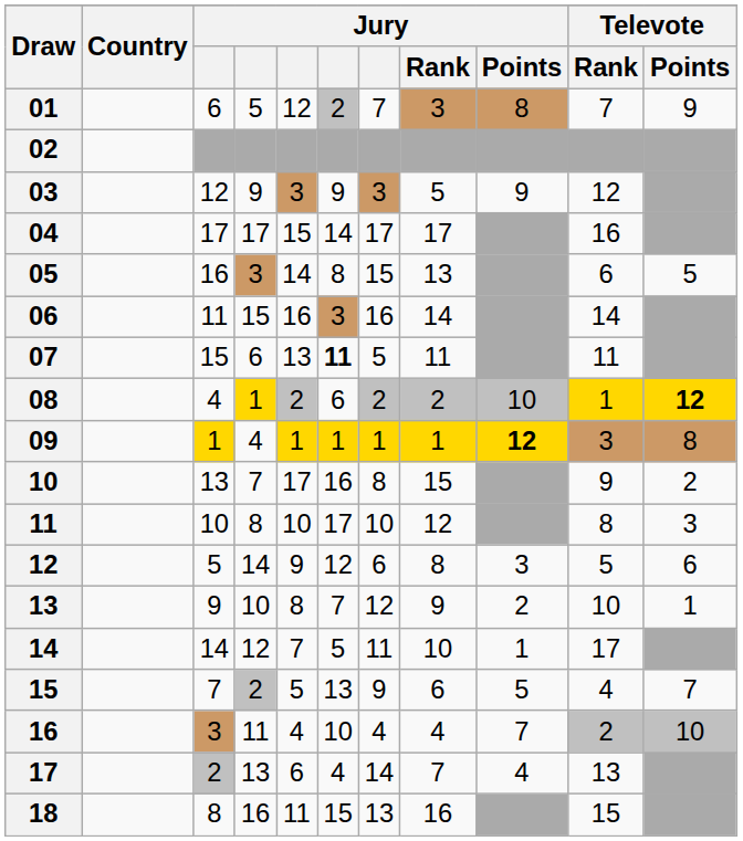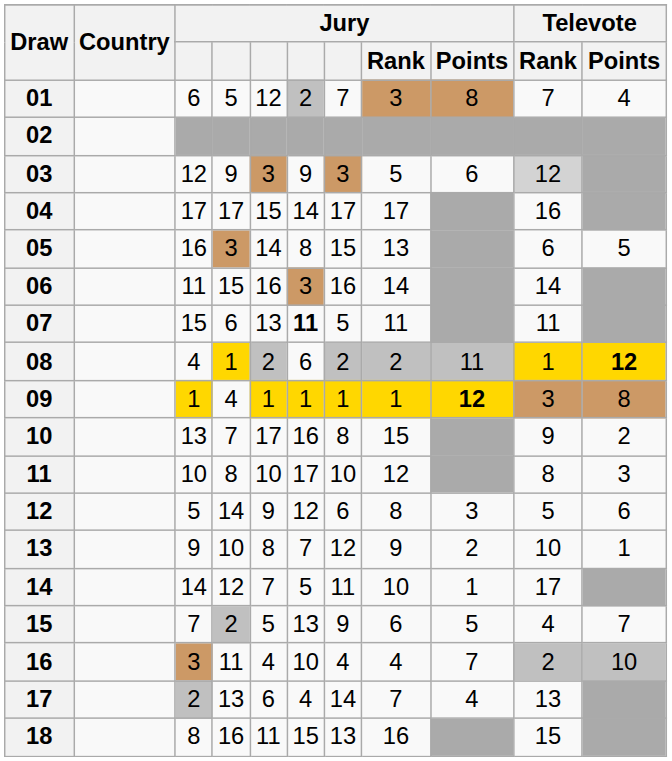 <table class="sortable wikitable collapsible plainrowheaders" style="text-align:center;">
 <tr>
 </tr>
 <tr>
 <th scope="col" rowspan="2">Draw</th>
 <th scope="col" rowspan="2">Country</th>
 <th scope="col" colspan="7">Jury</th>
 <th scope="col" colspan="2">Televote</th>
 </tr>
 <tr>
 <th scope="col"><small></small></th>
 <th scope="col"><small></small></th>
 <th scope="col"><small></small></th>
 <th scope="col"><small></small></th>
 <th scope="col"><small></small></th>
 <th scope="col">Rank</th>
 <th scope="col">Points</th>
 <th scope="col">Rank</th>
 <th scope="col">Points</th>
 </tr>
 <tr>
 <th scope="row" style="text-align:center;">01</th>
 <td style="text-align:left;"></td>
 <td>6</td>
 <td>5</td>
 <td>12</td>
 <td style="background:silver;">2</td>
 <td>7</td>
 <td style="background:#CC9966;">3</td>
 <td style="background:#CC9966;">8</td>
 <td>7</td>
-<td>9</td>
+<td>4</td>
 </tr>
 <tr class="sortbottom">
 <th scope="row" style="text-align:center;">02</th>
 <td style="text-align:left;"></td>
 <td style="background:#AAAAAA;"></td>
 <td style="background:#AAAAAA;"></td>
 <td style="background:#AAAAAA;"></td>
 <td style="background:#AAAAAA;"></td>
 <td style="background:#AAAAAA;"></td>
 <td style="background:#AAAAAA;"></td>
 <td style="background:#AAAAAA;"></td>
 <td style="background:#AAAAAA;"></td>
 <td style="background:#AAAAAA;"></td>
 </tr>
 <tr>
 <th scope="row" style="text-align:center;">03</th>
 <td style="text-align:left;"></td>
 <td>12</td>
 <td>9</td>
 <td style="background:#CC9966;">3</td>
 <td>9</td>
 <td style="background:#CC9966;">3</td>
 <td>5</td>
-<td>9</td>
-<td>12</td>
+<td>6</td>
+<td style="background: lightgrey;">12</td>
 <td style="background:#AAAAAA;"></td>
 </tr>
 <tr>
 <th scope="row" style="text-align:center;">04</th>
 <td style="text-align:left;"></td>
 <td>17</td>
 <td>17</td>
 <td>15</td>
 <td>14</td>
 <td>17</td>
 <td>17</td>
 <td style="background:#AAAAAA;"></td>
 <td>16</td>
 <td style="background:#AAAAAA;"></td>
 </tr>
 <tr>
 <th scope="row" style="text-align:center;">05</th>
 <td style="text-align:left;"></td>
 <td>16</td>
 <td style="background:#CC9966;">3</td>
 <td>14</td>
 <td>8</td>
 <td>15</td>
 <td>13</td>
 <td style="background:#AAAAAA;"></td>
 <td>6</td>
 <td>5</td>
 </tr>
 <tr>
 <th scope="row" style="text-align:center;">06</th>
 <td style="text-align:left;"></td>
 <td>11</td>
 <td>15</td>
 <td>16</td>
 <td style="background:#CC9966;">3</td>
 <td>16</td>
 <td>14</td>
 <td style="background:#AAAAAA;"></td>
 <td>14</td>
 <td style="background:#AAAAAA;"></td>
 </tr>
 <tr>
 <th scope="row" style="text-align:center;">07</th>
 <td style="text-align:left;"></td>
 <td>15</td>
 <td>6</td>
 <td>13</td>
 <td><strong>11</strong></td>
 <td>5</td>
 <td>11</td>
 <td style="background:#AAAAAA;"></td>
 <td>11</td>
 <td style="background:#AAAAAA;"></td>
 </tr>
 <tr>
 <th scope="row" style="text-align:center;">08</th>
 <td style="text-align:left;"></td>
 <td>4</td>
 <td style="background:gold;">1</td>
 <td style="background:silver;">2</td>
 <td>6</td>
 <td style="background:silver;">2</td>
 <td style="background:silver;">2</td>
-<td style="background:silver;">10</td>
+<td style="background:silver;">11</td>
 <td style="background:gold;">1</td>
 <td style="background:gold;"><strong>12</strong></td>
 </tr>
 <tr>
 <th scope="row" style="text-align:center;">09</th>
 <td style="text-align:left;"></td>
 <td style="background:gold;">1</td>
 <td>4</td>
 <td style="background:gold;">1</td>
 <td style="background:gold;">1</td>
 <td style="background:gold;">1</td>
 <td style="background:gold;">1</td>
 <td style="background:gold;"><strong>12</strong></td>
 <td style="background:#CC9966;">3</td>
 <td style="background:#CC9966;">8</td>
 </tr>
 <tr>
 <th scope="row" style="text-align:center;">10</th>
 <td style="text-align:left;"></td>
 <td>13</td>
 <td>7</td>
 <td>17</td>
 <td>16</td>
 <td>8</td>
 <td>15</td>
 <td style="background:#AAAAAA;"></td>
 <td>9</td>
 <td>2</td>
 </tr>
 <tr>
 <th scope="row" style="text-align:center;">11</th>
 <td style="text-align:left;"></td>
 <td>10</td>
 <td>8</td>
 <td>10</td>
 <td>17</td>
 <td>10</td>
 <td>12</td>
 <td style="background:#AAAAAA;"></td>
 <td>8</td>
 <td>3</td>
 </tr>
 <tr>
 <th scope="row" style="text-align:center;">12</th>
 <td style="text-align:left;"></td>
 <td>5</td>
 <td>14</td>
 <td>9</td>
 <td>12</td>
 <td>6</td>
 <td>8</td>
 <td>3</td>
 <td>5</td>
 <td>6</td>
 </tr>
 <tr>
 <th scope="row" style="text-align:center;">13</th>
 <td style="text-align:left;"></td>
 <td>9</td>
 <td>10</td>
 <td>8</td>
 <td>7</td>
 <td>12</td>
 <td>9</td>
 <td>2</td>
 <td>10</td>
 <td>1</td>
 </tr>
 <tr>
 <th scope="row" style="text-align:center;">14</th>
 <td style="text-align:left;"></td>
 <td>14</td>
 <td>12</td>
 <td>7</td>
 <td>5</td>
 <td>11</td>
 <td>10</td>
 <td>1</td>
 <td>17</td>
 <td style="background:#AAAAAA;"></td>
 </tr>
 <tr>
 <th scope="row" style="text-align:center;">15</th>
 <td style="text-align:left;"></td>
 <td>7</td>
 <td style="background:silver;">2</td>
 <td>5</td>
 <td>13</td>
 <td>9</td>
 <td>6</td>
 <td>5</td>
 <td>4</td>
 <td>7</td>
 </tr>
 <tr>
 <th scope="row" style="text-align:center;">16</th>
 <td style="text-align:left;"></td>
 <td style="background:#CC9966;">3</td>
 <td>11</td>
 <td>4</td>
 <td>10</td>
 <td>4</td>
 <td>4</td>
 <td>7</td>
 <td style="background:silver;">2</td>
 <td style="background:silver;">10</td>
 </tr>
 <tr>
 <th scope="row" style="text-align:center;">17</th>
 <td style="text-align:left;"></td>
 <td style="background:silver;">2</td>
 <td>13</td>
 <td>6</td>
 <td>4</td>
 <td>14</td>
 <td>7</td>
 <td>4</td>
 <td>13</td>
 <td style="background:#AAAAAA;"></td>
 </tr>
 <tr>
 <th scope="row" style="text-align:center;">18</th>
 <td style="text-align:left;"></td>
 <td>8</td>
 <td>16</td>
 <td>11</td>
 <td>15</td>
 <td>13</td>
 <td>16</td>
 <td style="background:#AAAAAA;"></td>
 <td>15</td>
 <td style="background:#AAAAAA;"></td>
 </tr>
 </table>
